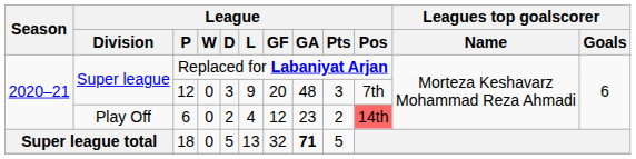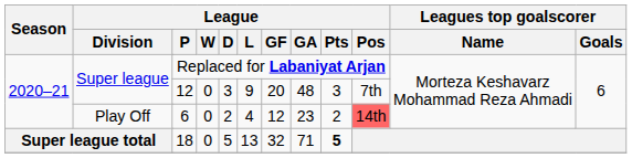 <table class="wikitable" style="text-align: center">
 <tr>
 <th rowspan=2>Season</th>
 <th colspan=10>League</th>
 <th colspan=2>Leagues top goalscorer</th>
 </tr>
 <tr>
 <th colspan=2>Division</th>
 <th>P</th>
 <th>W</th>
 <th>D</th>
 <th>L</th>
 <th>GF</th>
 <th>GA</th>
 <th>Pts</th>
 <th>Pos</th>
 <th>Name</th>
 <th>Goals</th>
 </tr>
 <tr>
 <td rowspan=3><a href='#'>2020–21</a></td>
 <td colspan=2 rowspan=2><a href='#'>Super league</a></td>
 <td colspan=8>Replaced for <strong><a href='#'>Labaniyat Arjan</a></strong></td>
 <td rowspan=3>Morteza Keshavarz <br> Mohammad Reza Ahmadi <br> </td>
 <td rowspan=3>6</td>
 </tr>
 <tr>
 <td>12</td>
 <td>0</td>
 <td>3</td>
 <td>9</td>
 <td>20</td>
 <td>48</td>
 <td>3</td>
 <td>7th</td>
 </tr>
 <tr>
 <td colspan=2>Play Off</td>
 <td>6</td>
 <td>0</td>
 <td>2</td>
 <td>4</td>
 <td>12</td>
 <td>23</td>
 <td>2</td>
 <td bgcolor="#FF6666">14th </td>
 </tr>
 <tr>
 <th colspan=3>Super league total</th>
 <td>18</td>
 <td>0</td>
 <td>5</td>
 <td>13</td>
 <td>32</td>
-<td><strong>71</strong></td>
-<td>5</td>
+<td>71</td>
+<td><strong>5</strong></td>
 <th colspan=5></th>
 </tr>
 <tr>
 </tr>
 </table>
